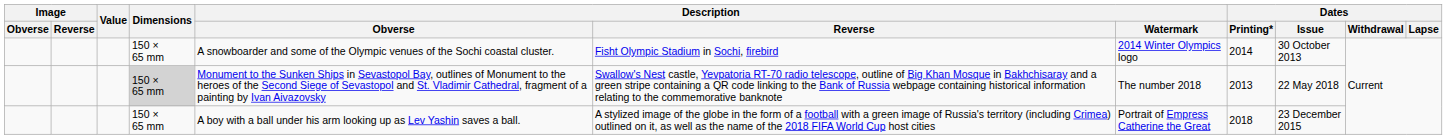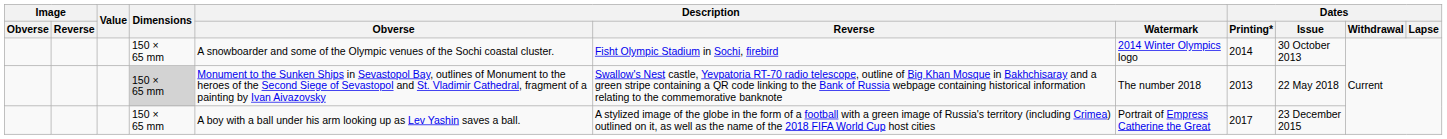 <table class="wikitable" style="font-size: 90%">
 <tr>
 <th colspan="2">Image</th>
 <th rowspan="2">Value</th>
 <th rowspan="2">Dimensions</th>
 <th colspan="3">Description</th>
 <th colspan="4">Dates</th>
 </tr>
 <tr>
 <th>Obverse</th>
 <th>Reverse</th>
 <th>Obverse</th>
 <th>Reverse</th>
 <th>Watermark</th>
 <th>Printing*</th>
 <th>Issue</th>
 <th>Withdrawal</th>
 <th>Lapse</th>
 </tr>
 <tr>
 <td style="text-align:center;"></td>
 <td style="text-align:center;"></td>
 <td></td>
 <td>150 × 65 mm</td>
 <td>A snowboarder and some of the Olympic venues of the Sochi coastal cluster.</td>
 <td><a href='#'>Fisht Olympic Stadium</a> in <a href='#'>Sochi</a>, <a href='#'>firebird</a></td>
 <td><a href='#'>2014 Winter Olympics</a> logo</td>
 <td>2014</td>
 <td>30 October 2013</td>
 <td colspan="3" rowspan="3">Current</td>
 </tr>
 <tr>
 <td style="text-align:center;"></td>
 <td style="text-align:center;"></td>
 <td></td>
 <td style="background: lightgrey;">150 × 65 mm</td>
 <td><a href='#'>Monument to the Sunken Ships</a> in <a href='#'>Sevastopol Bay</a>, outlines of Monument to the heroes of the <a href='#'>Second Siege of Sevastopol</a> and <a href='#'>St. Vladimir Cathedral</a>, fragment of a painting by <a href='#'>Ivan Aivazovsky</a></td>
 <td><a href='#'>Swallow's Nest</a> castle, <a href='#'>Yevpatoria RT-70 radio telescope</a>, outline of <a href='#'>Big Khan Mosque</a> in <a href='#'>Bakhchisaray</a> and a green stripe containing a QR code linking to the <a href='#'>Bank of Russia</a> webpage containing historical information relating to the commemorative banknote</td>
 <td>The number 2018</td>
 <td>2013</td>
 <td>22 May 2018</td>
 </tr>
 <tr>
 <td style="text-align:center;"></td>
 <td style="text-align:center;"></td>
 <td></td>
 <td>150 × 65 mm</td>
 <td>A boy with a ball under his arm looking up as <a href='#'>Lev Yashin</a> saves a ball.</td>
 <td>A stylized image of the globe in the form of a <a href='#'>football</a> with a green image of Russia's territory (including <a href='#'>Crimea</a>) outlined on it, as well as the name of the <a href='#'>2018 FIFA World Cup</a> host cities</td>
 <td>Portrait of <a href='#'>Empress</a> <a href='#'>Catherine the Great</a></td>
-<td>2018</td>
+<td>2017</td>
 <td>23 December 2015</td>
 </tr>
 </table>
